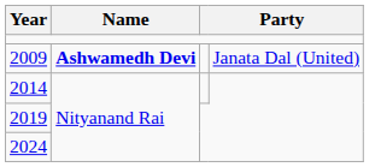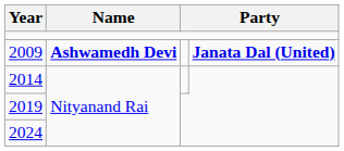 <table class="wikitable">
 <tr>
 <th>Year</th>
 <th>Name</th>
 <th colspan="2">Party</th>
 </tr>
 <tr>
 <td colspan="4"></td>
 </tr>
 <tr>
 <td><a href='#'>2009</a></td>
 <td><strong><a href='#'>Ashwamedh Devi</a></strong></td>
 <td style="background-color: "></td>
-<td><a href='#'>Janata Dal (United)</a></td>
+<td><strong><a href='#'>Janata Dal (United)</a></strong></td>
 </tr>
 <tr>
 <td><a href='#'>2014</a></td>
 <td rowspan="3"><a href='#'>Nityanand Rai</a></td>
 <td></td>
 </tr>
 <tr>
 <td><a href='#'>2019</a></td>
 </tr>
 <tr>
 <td><a href='#'>2024</a></td>
 </tr>
 </table>
